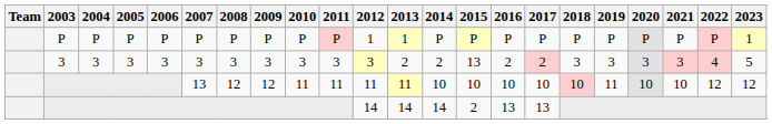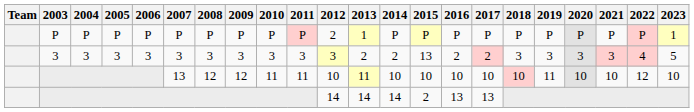 <table class="wikitable" style="font-size:85%; text-align: center;">
 <tr>
 <th scope="col">Team</th>
 <th scope="col">2003</th>
 <th scope="col">2004</th>
 <th scope="col">2005</th>
 <th scope="col">2006</th>
 <th scope="col">2007</th>
 <th scope="col">2008</th>
 <th scope="col">2009</th>
 <th scope="col">2010</th>
 <th scope="col">2011</th>
 <th scope="col">2012</th>
 <th scope="col">2013</th>
 <th scope="col">2014</th>
 <th scope="col">2015</th>
 <th scope="col">2016</th>
 <th scope="col">2017</th>
 <th scope="col">2018</th>
 <th scope="col">2019</th>
 <th scope="col">2020</th>
 <th scope="col">2021</th>
 <th scope="col">2022</th>
 <th scope="col">2023</th>
 </tr>
 <tr>
 <th scope="row"></th>
 <td>P</td>
 <td>P</td>
 <td>P</td>
 <td>P</td>
 <td>P</td>
 <td>P</td>
 <td>P</td>
 <td>P</td>
 <td bgcolor="#ffcfcf">P</td>
-<td>1</td>
+<td>2</td>
 <td bgcolor="#ffffbf">1</td>
 <td>P</td>
 <td bgcolor="#ffffbf">P</td>
 <td>P</td>
 <td>P</td>
 <td>P</td>
 <td>P</td>
 <td bgcolor="#e2e2e2">P</td>
 <td>P</td>
 <td bgcolor="#ffcfcf">P</td>
 <td bgcolor="#ffffbf">1</td>
 </tr>
 <tr>
 <th scope="row"></th>
 <td>3</td>
 <td>3</td>
 <td>3</td>
 <td>3</td>
 <td>3</td>
 <td>3</td>
 <td>3</td>
 <td>3</td>
 <td>3</td>
 <td bgcolor="#ffffbf">3</td>
 <td>2</td>
 <td>2</td>
 <td>13</td>
 <td>2</td>
 <td bgcolor="#ffcfcf">2</td>
 <td>3</td>
 <td>3</td>
 <td bgcolor="#e2e2e2">3</td>
 <td bgcolor="#ffcfcf">3</td>
 <td bgcolor="#ffcfcf">4</td>
 <td>5</td>
 </tr>
 <tr>
 <th scope="row"></th>
 <td bgcolor="#ececec" colspan="4"></td>
 <td>13</td>
 <td>12</td>
 <td>12</td>
 <td>11</td>
 <td>11</td>
-<td>11</td>
+<td>10</td>
 <td bgcolor="#ffffbf">11</td>
 <td>10</td>
 <td>10</td>
 <td>10</td>
 <td>10</td>
 <td bgcolor="#ffcfcf">10</td>
 <td>11</td>
 <td bgcolor="#e2e2e2">10</td>
 <td>10</td>
 <td>12</td>
-<td>12</td>
+<td>10</td>
 </tr>
 <tr>
 <th scope="row"></th>
 <td bgcolor="#ececec" colspan="9"></td>
 <td>14</td>
 <td>14</td>
 <td>14</td>
 <td>2</td>
 <td>13</td>
 <td>13</td>
 <td bgcolor="#ececec" colspan="7"></td>
 </tr>
 </table>
